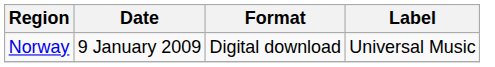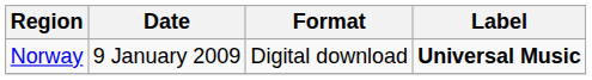 <table class=wikitable>
 <tr>
 <th>Region</th>
 <th>Date</th>
 <th>Format</th>
 <th>Label</th>
 </tr>
 <tr>
 <td><a href='#'>Norway</a></td>
 <td>9 January 2009</td>
 <td>Digital download</td>
-<td>Universal Music</td>
+<td><strong>Universal Music</strong></td>
 </tr>
 <tr>
 </tr>
 </table>
